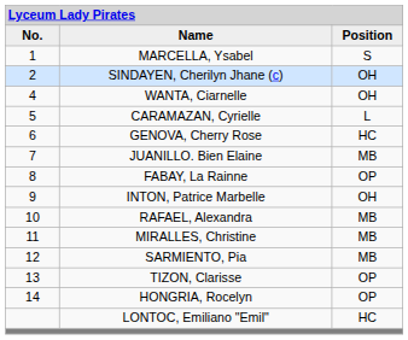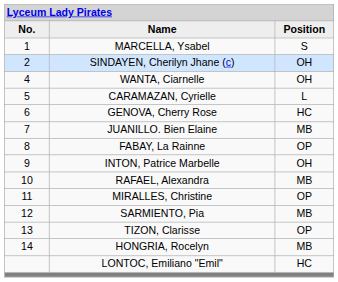 <table class='wikitable mw-collapsible mw-collapsed' style="text-align: center; width: 500px; border: none">
 <tr>
 <th style="background:#D4D4D4; text-align:left;" colspan=3><a href='#'>Lyceum Lady Pirates</a></th>
 </tr>
 <tr style="background:#EEEEEE; font-weight:bold;">
 <td width=10%>No.</td>
 <td width=50%>Name</td>
 <td width=10%>Position</td>
 </tr>
 <tr>
 <td align=center>1</td>
 <td>MARCELLA, Ysabel</td>
 <td align=center>S</td>
 </tr>
 <tr style="background: #D0E6FF">
 <td align=center>2</td>
 <td>SINDAYEN, Cherilyn Jhane (<a href='#'>c</a>)</td>
 <td align=center>OH</td>
 </tr>
 <tr>
 <td align=center>4</td>
 <td>WANTA, Ciarnelle</td>
 <td align=center>OH</td>
 </tr>
 <tr>
 <td align=center>5</td>
 <td>CARAMAZAN, Cyrielle</td>
 <td align=center>L</td>
 </tr>
 <tr>
 <td align=center>6</td>
 <td>GENOVA, Cherry Rose</td>
 <td align=center>HC</td>
 </tr>
 <tr>
 <td align=center>7</td>
 <td>JUANILLO. Bien Elaine</td>
 <td align=center>MB</td>
 </tr>
 <tr>
 <td align=center>8</td>
 <td>FABAY, La Rainne</td>
 <td align=center>OP</td>
 </tr>
 <tr>
 <td align=center>9</td>
 <td>INTON, Patrice Marbelle</td>
 <td align=center>OH</td>
 </tr>
 <tr>
 <td align=center>10</td>
 <td>RAFAEL, Alexandra</td>
 <td align=center>MB</td>
 </tr>
 <tr>
 <td align=center>11</td>
 <td>MIRALLES, Christine</td>
-<td align=center>MB</td>
+<td align=center>OP</td>
 </tr>
 <tr>
 <td align=center>12</td>
 <td>SARMIENTO, Pia</td>
 <td align=center>MB</td>
 </tr>
 <tr>
 <td align=center>13</td>
 <td>TIZON, Clarisse</td>
 <td align=center>OP</td>
 </tr>
 <tr>
 <td align=center>14</td>
 <td>HONGRIA, Rocelyn</td>
-<td align=center>OP</td>
+<td align=center>MB</td>
 </tr>
 <tr>
 <td align=center></td>
 <td>LONTOC, Emiliano "Emil"</td>
 <td align=center>HC</td>
 </tr>
 <tr>
 <th style='background: grey;' colspan=3></th>
 </tr>
 </table>
